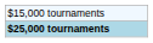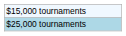 <table class="wikitable" style="font-size:85%; width:15%;">
 <tr style="background:#f0f8ff;">
 <td>$15,000 tournaments</td>
 </tr>
 <tr style="background:lightblue;">
-<td><strong>$25,000 tournaments</strong></td>
+<td>$25,000 tournaments</td>
 </tr>
 </table>
